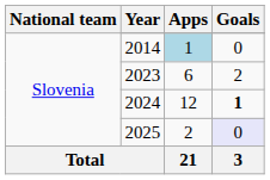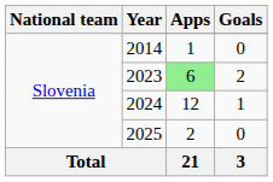 <table class="wikitable" style="text-align:center">
 <tr>
 <th>National team</th>
 <th>Year</th>
 <th>Apps</th>
 <th>Goals</th>
 </tr>
 <tr>
 <td rowspan=5><a href='#'>Slovenia</a></td>
 </tr>
 <tr>
 <td>2014</td>
-<td style="background: lightblue;">1</td>
+<td>1</td>
 <td>0</td>
 </tr>
 <tr>
 <td>2023</td>
-<td>6</td>
+<td style="background: lightgreen;">6</td>
 <td>2</td>
 </tr>
 <tr>
 <td>2024</td>
 <td>12</td>
-<td><strong>1</strong></td>
+<td>1</td>
 </tr>
 <tr>
 <td>2025</td>
 <td>2</td>
-<td style="background: lavender;">0</td>
+<td>0</td>
 </tr>
 <tr>
 <th colspan="2">Total</th>
 <th>21</th>
 <th>3</th>
 </tr>
 </table>
